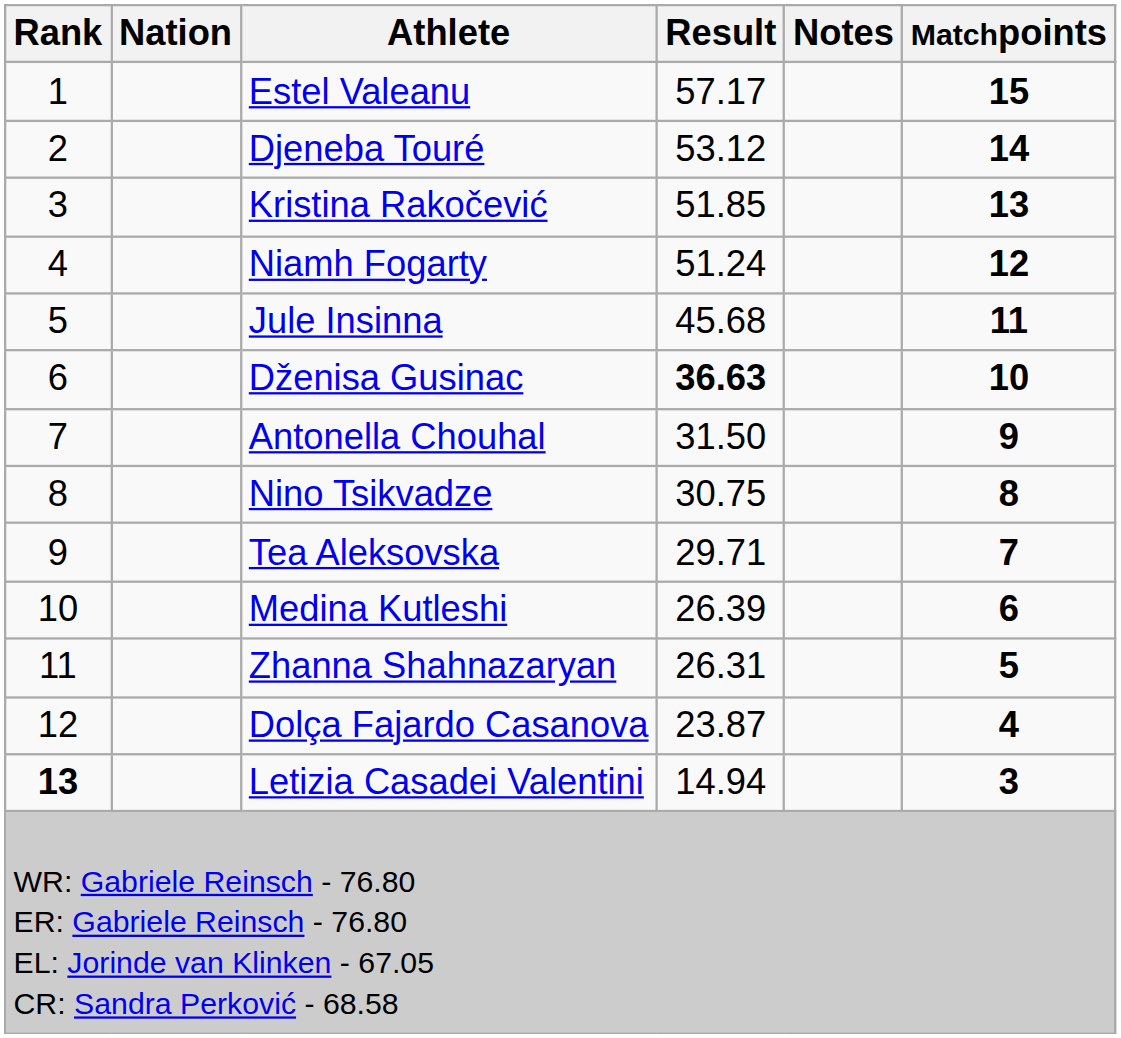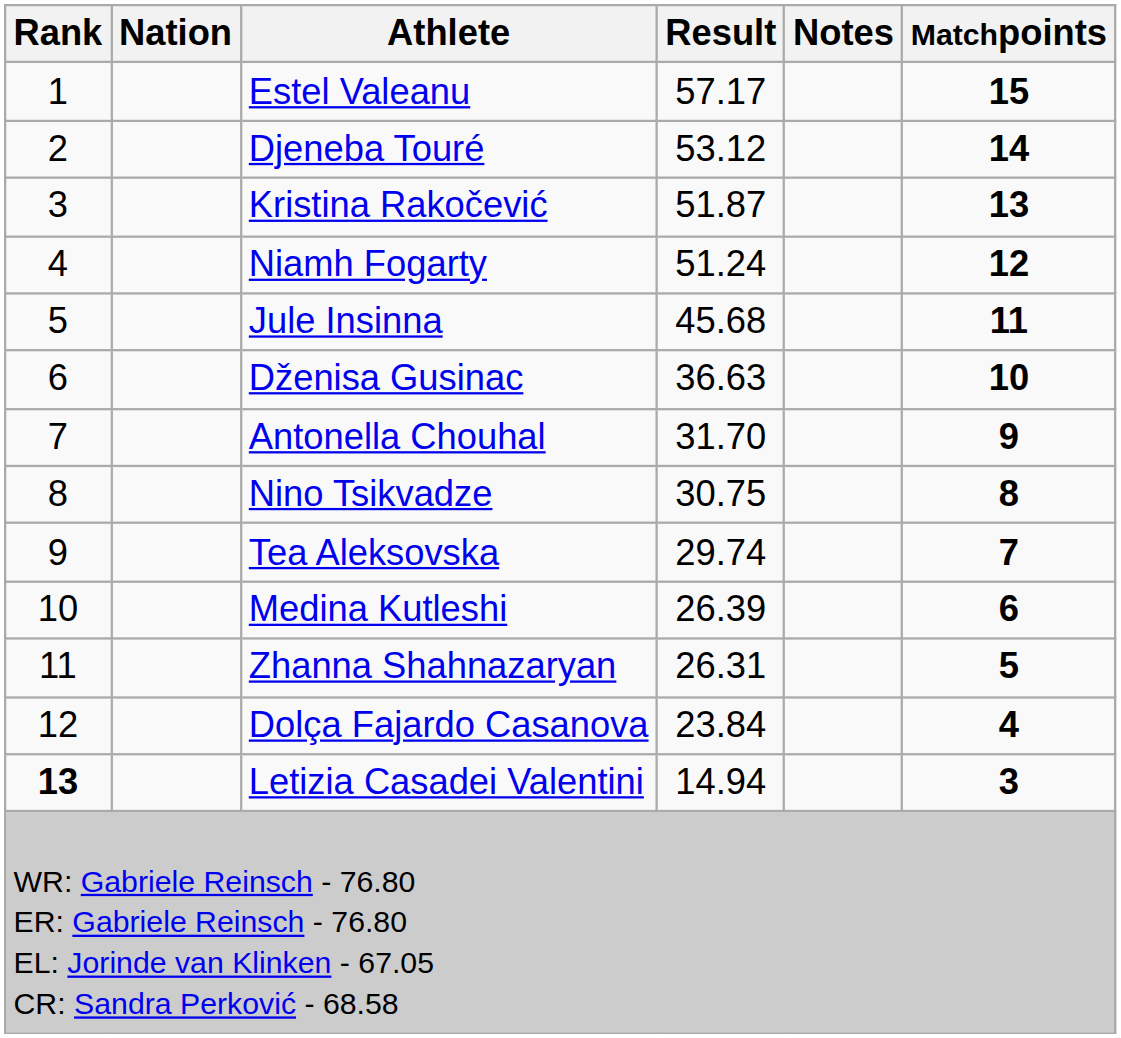 <table class="wikitable sortable" style="text-align:left;">
 <tr>
 <th>Rank</th>
 <th>Nation</th>
 <th>Athlete</th>
 <th>Result</th>
 <th>Notes</th>
 <th><small>Match</small>points</th>
 </tr>
 <tr>
 <td align=center>1</td>
 <td></td>
 <td><a href='#'>Estel Valeanu</a></td>
 <td align=center>57.17</td>
 <td></td>
 <td align=center><strong>15</strong></td>
 </tr>
 <tr>
 <td align=center>2</td>
 <td></td>
 <td><a href='#'>Djeneba Touré</a></td>
 <td align=center>53.12</td>
 <td align=center></td>
 <td align=center><strong>14</strong></td>
 </tr>
 <tr>
 <td align=center>3</td>
 <td></td>
 <td><a href='#'>Kristina Rakočević</a></td>
-<td align=center>51.85</td>
+<td align=center>51.87</td>
 <td></td>
 <td align=center><strong>13</strong></td>
 </tr>
 <tr>
 <td align=center>4</td>
 <td></td>
 <td><a href='#'>Niamh Fogarty</a></td>
 <td align=center>51.24</td>
 <td align=center></td>
 <td align=center><strong>12</strong></td>
 </tr>
 <tr>
 <td align=center>5</td>
 <td></td>
 <td><a href='#'>Jule Insinna</a></td>
 <td align=center>45.68</td>
 <td></td>
 <td align=center><strong>11</strong></td>
 </tr>
 <tr>
 <td align=center>6</td>
 <td></td>
 <td><a href='#'>Dženisa Gusinac</a></td>
-<td align=center><strong>36.63</strong></td>
+<td align=center>36.63</td>
 <td></td>
 <td align=center><strong>10</strong></td>
 </tr>
 <tr>
 <td align=center>7</td>
 <td></td>
 <td><a href='#'>Antonella Chouhal</a></td>
-<td align=center>31.50</td>
+<td align=center>31.70</td>
 <td align=center></td>
 <td align=center><strong>9</strong></td>
 </tr>
 <tr>
 <td align=center>8</td>
 <td></td>
 <td><a href='#'>Nino Tsikvadze</a></td>
 <td align=center>30.75</td>
 <td align=center></td>
 <td align=center><strong>8</strong></td>
 </tr>
 <tr>
 <td align=center>9</td>
 <td></td>
 <td><a href='#'>Tea Aleksovska</a></td>
-<td align=center>29.71</td>
+<td align=center>29.74</td>
 <td align=center></td>
 <td align=center><strong>7</strong></td>
 </tr>
 <tr>
 <td align=center>10</td>
 <td></td>
 <td><a href='#'>Medina Kutleshi</a></td>
 <td align=center>26.39</td>
 <td align=center></td>
 <td align=center><strong>6</strong></td>
 </tr>
 <tr>
 <td align=center>11</td>
 <td></td>
 <td><a href='#'>Zhanna Shahnazaryan</a></td>
 <td align=center>26.31</td>
 <td align=center></td>
 <td align=center><strong>5</strong></td>
 </tr>
 <tr>
 <td align=center>12</td>
 <td></td>
 <td><a href='#'>Dolça Fajardo Casanova</a></td>
-<td align=center>23.87</td>
+<td align=center>23.84</td>
 <td align=center></td>
 <td align=center><strong>4</strong></td>
 </tr>
 <tr>
 <td align=center><strong>13</strong></td>
 <td></td>
 <td><a href='#'>Letizia Casadei Valentini</a></td>
 <td align=center>14.94</td>
 <td align=center></td>
 <td align=center><strong>3</strong></td>
 </tr>
 <tr>
 <td colspan="6" bgcolor="#cccccc"><br> <small>WR:  <a href='#'>Gabriele Reinsch</a> - 76.80<br>ER:  <a href='#'>Gabriele Reinsch</a> - 76.80<br></small> <small>EL:   <a href='#'>Jorinde van Klinken</a> - 67.05<br>CR:  <a href='#'>Sandra Perković</a> - 68.58</small></td>
 </tr>
 </table>
